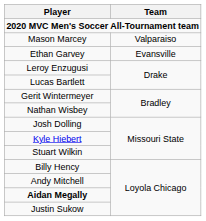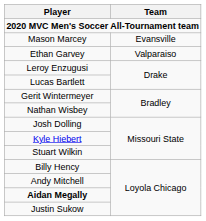 <table class="wikitable" style="white-space:nowrap; font-size:90%; text-align: center;">
 <tr>
 <th>Player</th>
 <th>Team</th>
 </tr>
 <tr>
 <td colspan="2"><strong>2020 MVC Men's Soccer All-Tournament team</strong></td>
 </tr>
 <tr>
 <td>Mason Marcey</td>
-<td>Valparaiso</td>
+<td>Evansville</td>
 </tr>
 <tr>
 <td>Ethan Garvey</td>
-<td>Evansville</td>
+<td>Valparaiso</td>
 </tr>
 <tr>
 <td>Leroy Enzugusi</td>
 <td rowspan="2">Drake</td>
 </tr>
 <tr>
 <td>Lucas Bartlett</td>
 </tr>
 <tr>
 <td>Gerit Wintermeyer</td>
 <td rowspan="2">Bradley</td>
 </tr>
 <tr>
 <td>Nathan Wisbey</td>
 </tr>
 <tr>
 <td>Josh Dolling</td>
 <td rowspan="3">Missouri State</td>
 </tr>
 <tr>
 <td><a href='#'>Kyle Hiebert</a></td>
 </tr>
 <tr>
 <td>Stuart Wilkin</td>
 </tr>
 <tr>
 <td>Billy Hency</td>
 <td rowspan="4">Loyola Chicago</td>
 </tr>
 <tr>
 <td>Andy Mitchell</td>
 </tr>
 <tr>
 <td><strong>Aidan Megally</strong></td>
 </tr>
 <tr>
 <td>Justin Sukow</td>
 </tr>
 </table>
